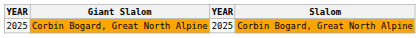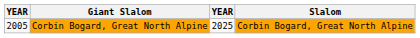 <table class="wikitable" style="text-align:center">
 <tr>
 <th><strong>YEAR</strong></th>
 <th colspan="2"><strong>Giant Slalom</strong></th>
 <th><strong>YEAR</strong></th>
 <th colspan="2"><strong>Slalom</strong></th>
 </tr>
 <tr>
-<td>2025</td>
+<td>2005</td>
 <td colspan="2" !align=center style="background:orange;color:black">Corbin Bogard, Great North Alpine</td>
 <td>2025</td>
 <td colspan="2" !align=center style="background:orange;color:black">Corbin Bogard, Great North Alpine</td>
 </tr>
 </table>
